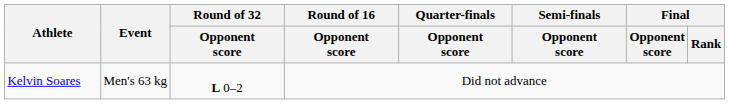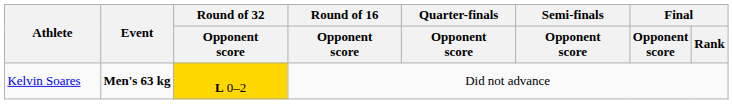 <table class="wikitable" style="font-size:90%; text-align:center">
 <tr>
 <th rowspan="2" width="100">Athlete</th>
 <th rowspan="2">Event</th>
 <th width="120">Round of 32</th>
 <th width="120">Round of 16</th>
 <th width="120">Quarter-finals</th>
 <th width="120">Semi-finals</th>
 <th colspan="2" width="100">Final</th>
 </tr>
 <tr>
 <th>Opponent<br>score</th>
 <th>Opponent<br>score</th>
 <th>Opponent<br>score</th>
 <th>Opponent<br>score</th>
 <th>Opponent<br>score</th>
 <th>Rank</th>
 </tr>
 <tr>
 <td align="left"><a href='#'>Kelvin Soares</a></td>
-<td align="left">Men's 63 kg</td>
-<td><br><strong>L</strong> 0–2</td>
+<td align="left"><strong>Men's 63 kg</strong></td>
+<td style="background: gold;"><br><strong>L</strong> 0–2</td>
 <td colspan="6">Did not advance</td>
 </tr>
 </table>
